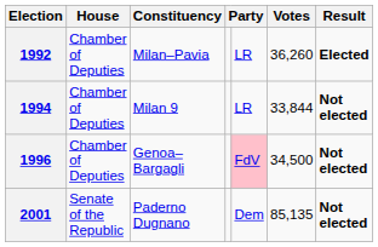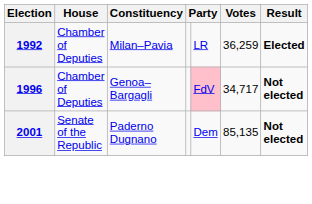 <table class=wikitable style="width:56%; border:1px #AAAAFF solid">
 <tr>
 <th width=7%>Election</th>
 <th width=14%>House</th>
 <th width=12%>Constituency</th>
 <th width=5% colspan="2">Party</th>
 <th width=6%>Votes</th>
 <th width=12%>Result</th>
 </tr>
 <tr>
 <th><a href='#'>1992</a></th>
 <td><a href='#'>Chamber of Deputies</a></td>
 <td><a href='#'>Milan–Pavia</a></td>
 <td></td>
 <td><a href='#'>LR</a></td>
-<td>36,260</td>
+<td>36,259</td>
 <td> <strong>Elected</strong></td>
-</tr>
-<tr>
-<th><a href='#'>1994</a></th>
-<td><a href='#'>Chamber of Deputies</a></td>
-<td><a href='#'>Milan 9</a></td>
-<td></td>
-<td><a href='#'>LR</a></td>
-<td>33,844</td>
-<td> <strong>Not elected</strong></td>
 </tr>
 <tr>
 <th><a href='#'>1996</a></th>
 <td><a href='#'>Chamber of Deputies</a></td>
 <td><a href='#'>Genoa–Bargagli</a></td>
 <td></td>
 <td style="background: pink;"><a href='#'>FdV</a></td>
-<td>34,500</td>
+<td>34,717</td>
 <td> <strong>Not elected</strong></td>
 </tr>
 <tr>
 <th><a href='#'>2001</a></th>
 <td><a href='#'>Senate of the Republic</a></td>
 <td><a href='#'>Paderno Dugnano</a></td>
 <td></td>
 <td><a href='#'>Dem</a></td>
 <td>85,135</td>
 <td> <strong>Not elected</strong></td>
 </tr>
 </table>
